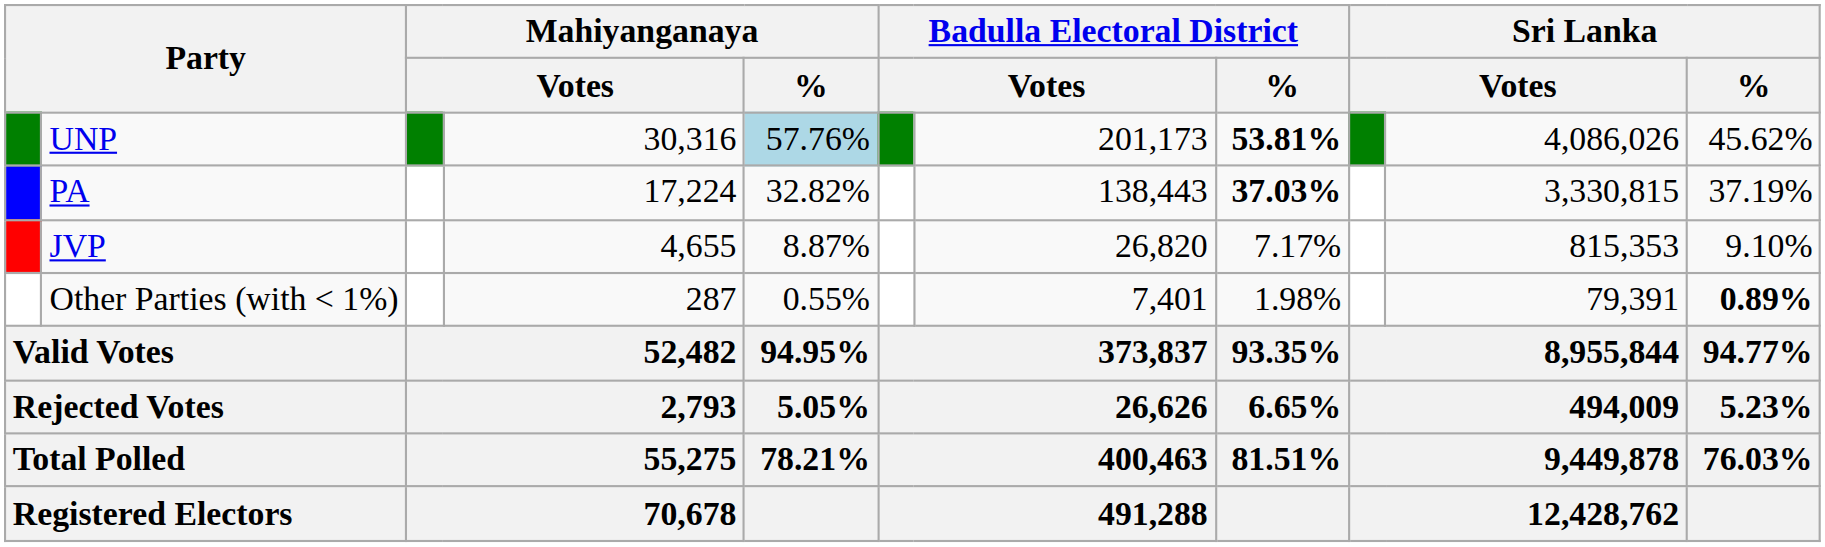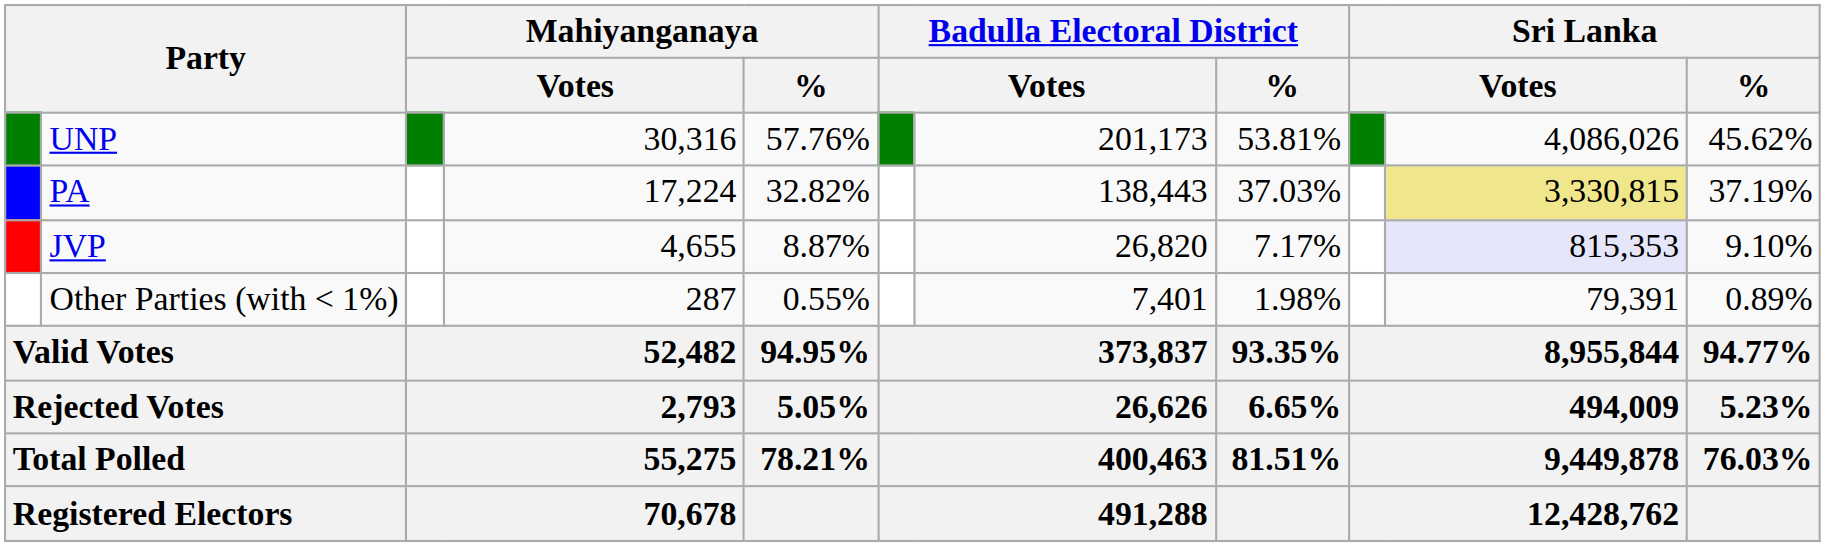 <table class="wikitable">
 <tr>
 <th colspan="2" width="144px"rowspan="2">Party</th>
 <th colspan="3" width="216px">Mahiyanganaya</th>
 <th colspan="3" width="216px"><a href='#'>Badulla Electoral District</a></th>
 <th colspan="3" width="216px">Sri Lanka</th>
 </tr>
 <tr>
 <th colspan="2" width="144px">Votes</th>
 <th>%</th>
 <th colspan="2" width="144px">Votes</th>
 <th>%</th>
 <th colspan="2" width="144px">Votes</th>
 <th>%</th>
 </tr>
 <tr>
 <td style="background-color:green;" width="10px"></td>
 <td style="text-align:left;"><a href='#'>UNP</a></td>
 <td style="background-color:green;" width="10px"></td>
 <td style="text-align:right;">30,316</td>
-<td style="background: lightblue; text-align:right;">57.76%</td>
+<td style="text-align:right;">57.76%</td>
 <td style="background-color:green;" width="10px"></td>
 <td style="text-align:right;">201,173</td>
-<td style="text-align:right;"><strong>53.81%</strong></td>
+<td style="text-align:right;">53.81%</td>
 <td style="background-color:green;" width="10px"></td>
 <td style="text-align:right;">4,086,026</td>
 <td style="text-align:right;">45.62%</td>
 </tr>
 <tr>
 <td style="background-color:blue;" width="10px"></td>
 <td style="text-align:left;"><a href='#'>PA</a></td>
 <td style="background-color:white;" width="10px"></td>
 <td style="text-align:right;">17,224</td>
 <td style="text-align:right;">32.82%</td>
 <td style="background-color:white;" width="10px"></td>
 <td style="text-align:right;">138,443</td>
-<td style="text-align:right;"><strong>37.03%</strong></td>
+<td style="text-align:right;">37.03%</td>
 <td style="background-color:white;" width="10px"></td>
-<td style="text-align:right;">3,330,815</td>
+<td style="background: khaki; text-align:right;">3,330,815</td>
 <td style="text-align:right;">37.19%</td>
 </tr>
 <tr>
 <td style="background-color:red;" width="10px"></td>
 <td style="text-align:left;"><a href='#'>JVP</a></td>
 <td style="background-color:white;" width="10px"></td>
 <td style="text-align:right;">4,655</td>
 <td style="text-align:right;">8.87%</td>
 <td style="background-color:white;" width="10px"></td>
 <td style="text-align:right;">26,820</td>
 <td style="text-align:right;">7.17%</td>
 <td style="background-color:white;" width="10px"></td>
-<td style="text-align:right;">815,353</td>
+<td style="background: lavender; text-align:right;">815,353</td>
 <td style="text-align:right;">9.10%</td>
 </tr>
 <tr>
 <td style="background-color:white;" width="10px"></td>
 <td style="text-align:left;">Other Parties (with < 1%)</td>
 <td style="background-color:white;" width="10px"></td>
 <td style="text-align:right;">287</td>
 <td style="text-align:right;">0.55%</td>
 <td style="background-color:white;" width="10px"></td>
 <td style="text-align:right;">7,401</td>
 <td style="text-align:right;">1.98%</td>
 <td style="background-color:white;" width="10px"></td>
 <td style="text-align:right;">79,391</td>
-<td style="text-align:right;"><strong>0.89%</strong></td>
+<td style="text-align:right;">0.89%</td>
 </tr>
 <tr>
 <th colspan="2" width="144px"style="text-align:left;">Valid Votes</th>
 <th style="text-align:right;"colspan="2" width="144px">52,482</th>
 <th style="text-align:right;">94.95%</th>
 <th style="text-align:right;"colspan="2" width="144px">373,837</th>
 <th style="text-align:right;">93.35%</th>
 <th style="text-align:right;"colspan="2" width="144px">8,955,844</th>
 <th style="text-align:right;">94.77%</th>
 </tr>
 <tr>
 <th colspan="2" width="144px"style="text-align:left;">Rejected Votes</th>
 <th style="text-align:right;"colspan="2" width="144px">2,793</th>
 <th style="text-align:right;">5.05%</th>
 <th style="text-align:right;"colspan="2" width="144px">26,626</th>
 <th style="text-align:right;">6.65%</th>
 <th style="text-align:right;"colspan="2" width="144px">494,009</th>
 <th style="text-align:right;">5.23%</th>
 </tr>
 <tr>
 <th colspan="2" width="144px"style="text-align:left;">Total Polled</th>
 <th style="text-align:right;"colspan="2" width="144px">55,275</th>
 <th style="text-align:right;">78.21%</th>
 <th style="text-align:right;"colspan="2" width="144px">400,463</th>
 <th style="text-align:right;">81.51%</th>
 <th style="text-align:right;"colspan="2" width="144px">9,449,878</th>
 <th style="text-align:right;">76.03%</th>
 </tr>
 <tr>
 <th colspan="2" width="144px"style="text-align:left;">Registered Electors</th>
 <th style="text-align:right;"colspan="2" width="144px">70,678</th>
 <th></th>
 <th style="text-align:right;"colspan="2" width="144px">491,288</th>
 <th></th>
 <th style="text-align:right;"colspan="2" width="144px">12,428,762</th>
 <th></th>
 </tr>
 </table>
